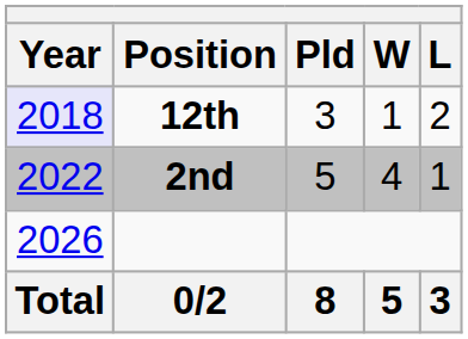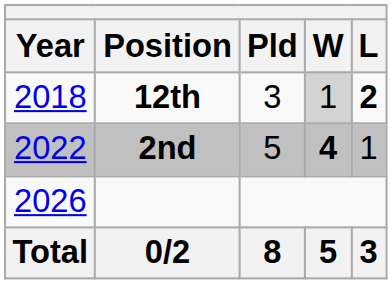 <table class="wikitable"  style="text-align:center;">
 <tr>
 <th colspan=9></th>
 </tr>
 <tr>
 <th>Year</th>
 <th>Position</th>
 <th>Pld</th>
 <th>W</th>
 <th>L</th>
 </tr>
 <tr>
-<td style="background: lavender;"> <a href='#'>2018</a></td>
+<td> <a href='#'>2018</a></td>
 <td><strong>12th</strong></td>
 <td>3</td>
-<td>1</td>
-<td>2</td>
+<td style="background: lightgrey;">1</td>
+<td><strong>2</strong></td>
 </tr>
 <tr style="background:silver;">
 <td> <a href='#'>2022</a></td>
 <td><strong>2nd</strong></td>
 <td>5</td>
-<td>4</td>
+<td><strong>4</strong></td>
 <td>1</td>
 </tr>
 <tr>
 <td> <a href='#'>2026</a></td>
 <td></td>
 </tr>
 <tr>
 <th>Total</th>
 <th>0/2</th>
 <th>8</th>
 <th>5</th>
 <th>3</th>
 </tr>
 </table>
